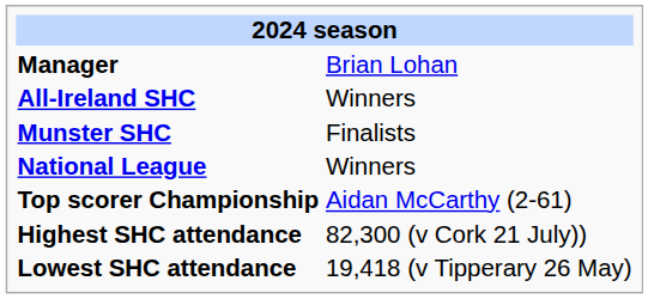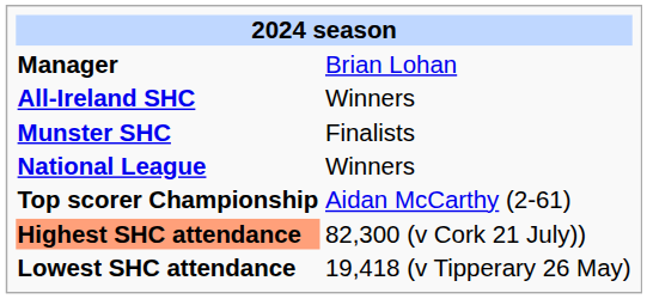 <table class="infobox vevent" style="font-size: 90%;">
 <tr>
 <th style="background: #BFD7FF; text-align: center" colspan="3">2024 season</th>
 </tr>
 <tr>
 <td><strong>Manager</strong></td>
 <td colspan="2"><a href='#'>Brian Lohan</a></td>
 </tr>
 <tr>
 <td><strong><a href='#'>All-Ireland SHC</a></strong></td>
 <td colspan="2">Winners</td>
 </tr>
 <tr>
 <td><strong><a href='#'>Munster SHC</a></strong></td>
 <td colspan="2">Finalists</td>
 </tr>
 <tr>
 <td><strong><a href='#'>National League</a></strong></td>
 <td colspan="2">Winners</td>
 </tr>
 <tr>
 <td><strong>Top scorer Championship</strong></td>
 <td colspan="2"><a href='#'>Aidan McCarthy</a> (2-61)</td>
 </tr>
 <tr>
-<td><strong>Highest SHC attendance</strong></td>
+<td style="background: lightsalmon;"><strong>Highest SHC attendance</strong></td>
 <td colspan="2">82,300 (v Cork 21 July))</td>
 </tr>
 <tr>
 <td><strong>Lowest SHC attendance</strong></td>
 <td colspan="2">19,418 (v Tipperary 26 May)</td>
 </tr>
 </table>
